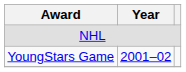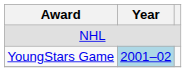 <table class="wikitable">
 <tr>
 <th>Award</th>
 <th>Year</th>
 <th></th>
 </tr>
 <tr ALIGN="center" bgcolor="#e0e0e0">
 <td colspan="3"><a href='#'>NHL</a></td>
 </tr>
 <tr>
 <td><a href='#'>YoungStars Game</a></td>
-<td><a href='#'>2001–02</a></td>
+<td style="background: lightblue;"><a href='#'>2001–02</a></td>
 <td></td>
 </tr>
 <tr>
 </tr>
 </table>
